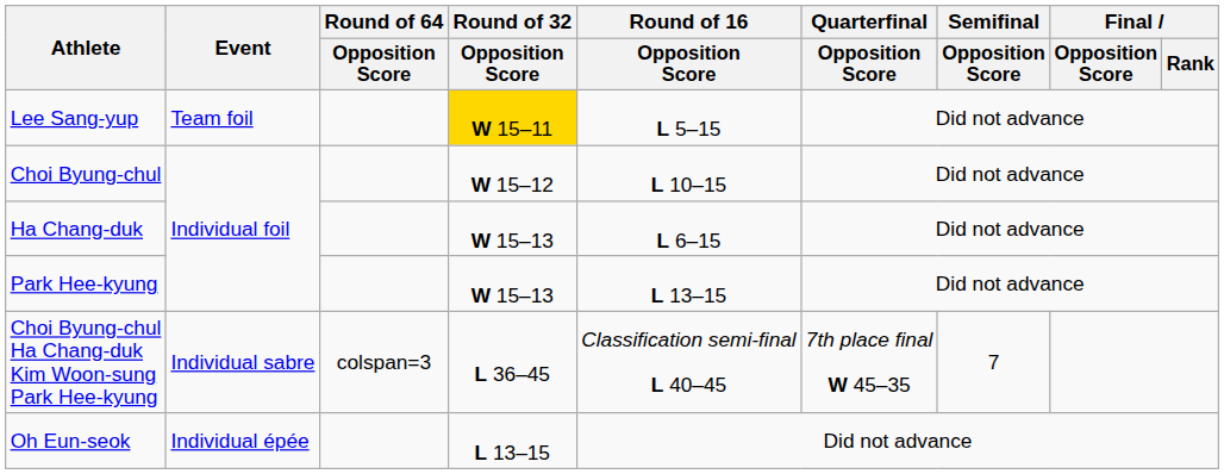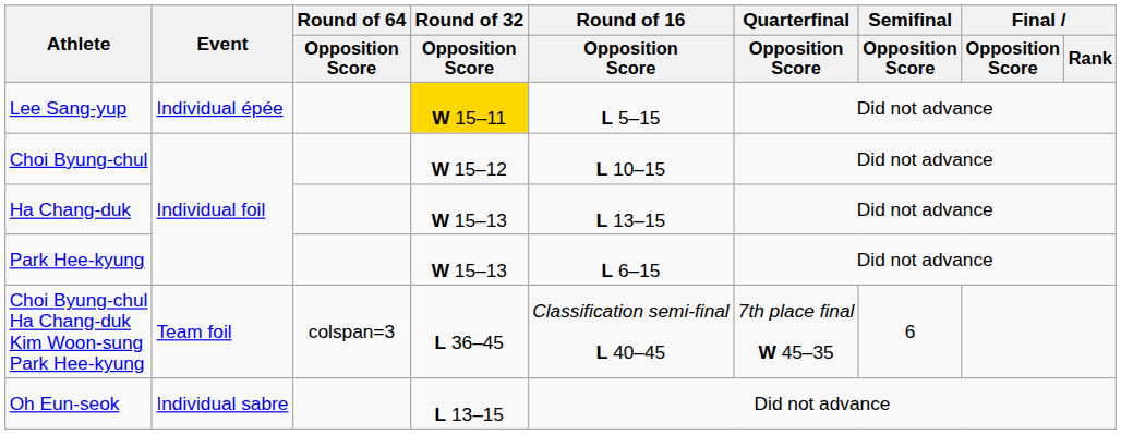 <table class="wikitable" style="font-size:90%">
 <tr>
 <th rowspan="2">Athlete</th>
 <th rowspan="2">Event</th>
 <th>Round of 64</th>
 <th>Round of 32</th>
 <th>Round of 16</th>
 <th>Quarterfinal</th>
 <th>Semifinal</th>
 <th colspan=2>Final / </th>
 </tr>
 <tr style="font-size:95%">
 <th>Opposition <br> Score</th>
 <th>Opposition <br> Score</th>
 <th>Opposition <br> Score</th>
 <th>Opposition <br> Score</th>
 <th>Opposition <br> Score</th>
 <th>Opposition <br> Score</th>
 <th>Rank</th>
 </tr>
 <tr align=center>
 <td align=left><a href='#'>Lee Sang-yup</a></td>
-<td align=left><a href='#'>Team foil</a></td>
+<td align=left><a href='#'>Individual épée</a></td>
 <td></td>
 <td style="background: gold;"><br><strong>W</strong> 15–11</td>
 <td><br><strong>L</strong> 5–15</td>
 <td colspan=4>Did not advance</td>
 </tr>
 <tr align=center>
 <td align=left><a href='#'>Choi Byung-chul</a></td>
 <td align=left rowspan=3><a href='#'>Individual foil</a></td>
 <td></td>
 <td><br><strong>W</strong> 15–12</td>
 <td><br><strong>L</strong> 10–15</td>
 <td colspan=4>Did not advance</td>
 </tr>
 <tr align=center>
 <td align=left><a href='#'>Ha Chang-duk</a></td>
 <td></td>
 <td><br><strong>W</strong> 15–13</td>
-<td><br><strong>L</strong> 6–15</td>
+<td><br><strong>L</strong> 13–15</td>
 <td colspan=4>Did not advance</td>
 </tr>
 <tr align=center>
 <td align=left><a href='#'>Park Hee-kyung</a></td>
 <td></td>
 <td><br><strong>W</strong> 15–13</td>
-<td><br><strong>L</strong> 13–15</td>
+<td><br><strong>L</strong> 6–15</td>
 <td colspan=4>Did not advance</td>
 </tr>
 <tr align=center>
 <td align=left><a href='#'>Choi Byung-chul</a><br><a href='#'>Ha Chang-duk</a><br><a href='#'>Kim Woon-sung</a><br><a href='#'>Park Hee-kyung</a></td>
-<td align=left><a href='#'>Individual sabre</a></td>
+<td align=left><a href='#'>Team foil</a></td>
 <td>colspan=3 </td>
 <td><br><strong>L</strong> 36–45</td>
 <td><em>Classification semi-final</em><br><br><strong>L</strong> 40–45</td>
 <td><em>7th place final</em><br><br><strong>W</strong> 45–35</td>
-<td>7</td>
+<td>6</td>
 </tr>
 <tr align=center>
 <td align=left><a href='#'>Oh Eun-seok</a></td>
-<td align=left><a href='#'>Individual épée</a></td>
+<td align=left><a href='#'>Individual sabre</a></td>
 <td></td>
 <td><br><strong>L</strong> 13–15</td>
 <td colspan=5>Did not advance</td>
 </tr>
 </table>
